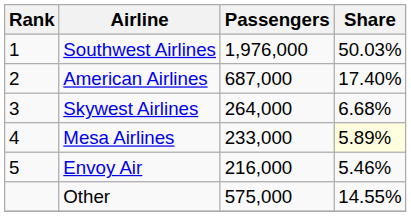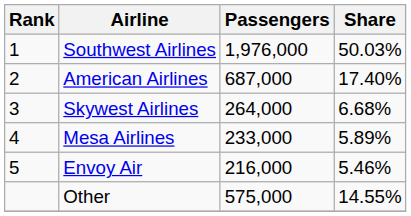 <table class="wikitable sortable" style="font-size: 95%">
 <tr>
 <th>Rank</th>
 <th>Airline</th>
 <th>Passengers</th>
 <th>Share</th>
 </tr>
 <tr>
 <td>1</td>
 <td><a href='#'>Southwest Airlines</a></td>
 <td>1,976,000</td>
 <td>50.03%</td>
 </tr>
 <tr>
 <td>2</td>
 <td><a href='#'>American Airlines</a></td>
 <td>687,000</td>
 <td>17.40%</td>
 </tr>
 <tr>
 <td>3</td>
 <td><a href='#'>Skywest Airlines</a></td>
 <td>264,000</td>
 <td>6.68%</td>
 </tr>
 <tr>
 <td>4</td>
 <td><a href='#'>Mesa Airlines</a></td>
 <td>233,000</td>
-<td style="background: lightyellow;">5.89%</td>
+<td>5.89%</td>
 </tr>
 <tr>
 <td>5</td>
 <td><a href='#'>Envoy Air</a></td>
 <td>216,000</td>
 <td>5.46%</td>
 </tr>
 <tr>
 <td></td>
 <td>Other</td>
 <td>575,000</td>
 <td>14.55%</td>
 </tr>
 <tr>
 </tr>
 </table>
